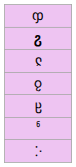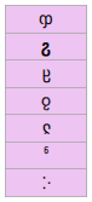 <table border="1" class="wikitable" style="line-height:1.2;width:5em;">
 <tr style="text-align:center; line-height:1.2;">
 <td bgcolor="#eec4f2">ჶ</td>
 </tr>
 <tr style="text-align:center; line-height:1.2;">
 <td bgcolor="#eec4f2"><strong>ჷ</strong></td>
 </tr>
 <tr style="text-align:center; line-height:1.2;">
-<td bgcolor="#eec4f2">ჺ</td>
+<td bgcolor="#eec4f2">ჸ</td>
 </tr>
 <tr style="text-align:center; line-height:1.2;">
 <td bgcolor="#eec4f2">ჹ</td>
 </tr>
 <tr style="text-align:center; line-height:1.2;">
-<td bgcolor="#eec4f2">ჸ</td>
+<td bgcolor="#eec4f2">ჺ</td>
 </tr>
 <tr style="text-align:center; line-height:1.2;">
 <td bgcolor="#eec4f2">ჼ</td>
 </tr>
 <tr style="text-align:center; line-height:1.2;">
 <td bgcolor="#eec4f2">჻</td>
 </tr>
 </table>
